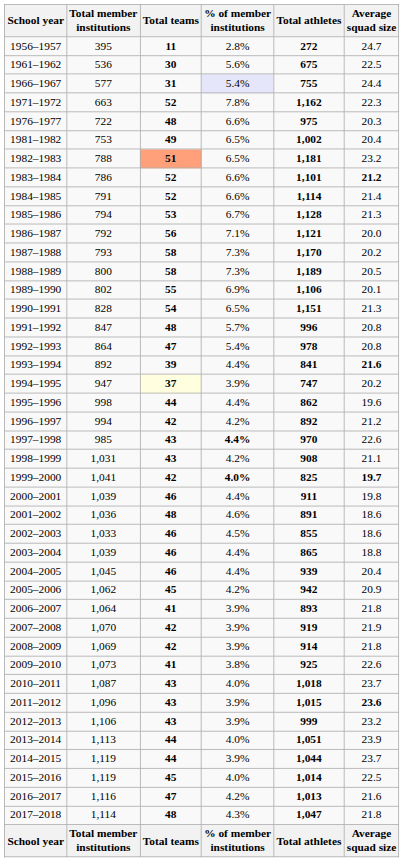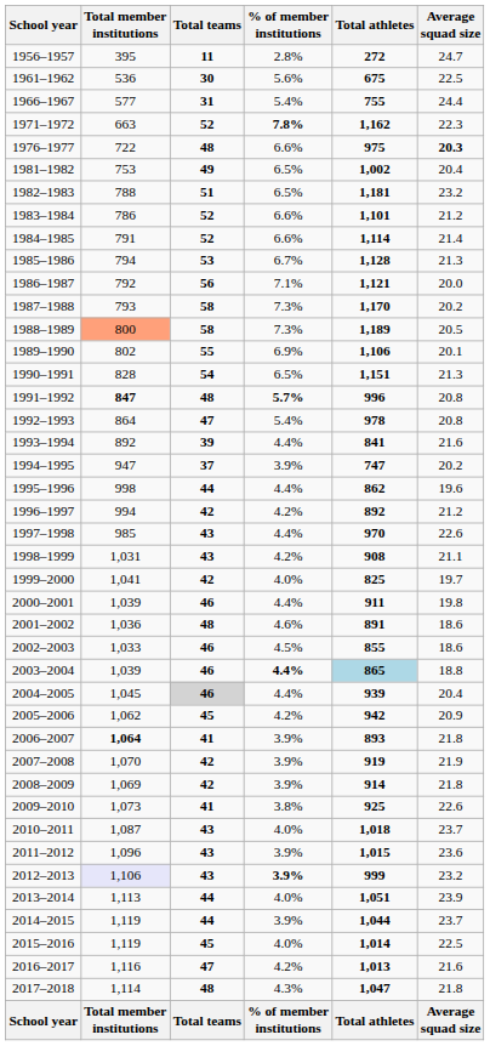 <table class="wikitable sortable" style="text-align: center; font-size: 90%; margin-left: 1em;">
 <tr>
 <th>School year</th>
 <th>Total member<br>institutions</th>
 <th>Total teams</th>
 <th>% of member<br>institutions</th>
 <th>Total athletes</th>
 <th>Average<br>squad size</th>
 </tr>
 <tr>
 <td>1956–1957</td>
 <td>395</td>
 <td><strong>11</strong></td>
 <td>2.8%</td>
 <td><strong>272</strong></td>
 <td>24.7</td>
 </tr>
 <tr>
 <td>1961–1962</td>
 <td>536</td>
 <td><strong>30</strong></td>
 <td>5.6%</td>
 <td><strong>675</strong></td>
 <td>22.5</td>
 </tr>
 <tr>
 <td>1966–1967</td>
 <td>577</td>
 <td><strong>31</strong></td>
-<td style="background: lavender;">5.4%</td>
+<td>5.4%</td>
 <td><strong>755</strong></td>
 <td>24.4</td>
 </tr>
 <tr>
 <td>1971–1972</td>
 <td>663</td>
 <td><strong>52</strong></td>
-<td>7.8%</td>
+<td><strong>7.8%</strong></td>
 <td><strong>1,162</strong></td>
 <td>22.3</td>
 </tr>
 <tr>
 <td>1976–1977</td>
 <td>722</td>
 <td><strong>48</strong></td>
 <td>6.6%</td>
 <td><strong>975</strong></td>
-<td>20.3</td>
+<td><strong>20.3</strong></td>
 </tr>
 <tr>
 <td>1981–1982</td>
 <td>753</td>
 <td><strong>49</strong></td>
 <td>6.5%</td>
 <td><strong>1,002</strong></td>
 <td>20.4</td>
 </tr>
 <tr>
 <td>1982–1983</td>
 <td>788</td>
-<td style="background: lightsalmon;"><strong>51</strong></td>
+<td><strong>51</strong></td>
 <td>6.5%</td>
 <td><strong>1,181</strong></td>
 <td>23.2</td>
 </tr>
 <tr>
 <td>1983–1984</td>
 <td>786</td>
 <td><strong>52</strong></td>
 <td>6.6%</td>
 <td><strong>1,101</strong></td>
-<td><strong>21.2</strong></td>
+<td>21.2</td>
 </tr>
 <tr>
 <td>1984–1985</td>
 <td>791</td>
 <td><strong>52</strong></td>
 <td>6.6%</td>
 <td><strong>1,114</strong></td>
 <td>21.4</td>
 </tr>
 <tr>
 <td>1985–1986</td>
 <td>794</td>
 <td><strong>53</strong></td>
 <td>6.7%</td>
 <td><strong>1,128</strong></td>
 <td>21.3</td>
 </tr>
 <tr>
 <td>1986–1987</td>
 <td>792</td>
 <td><strong>56</strong></td>
 <td>7.1%</td>
 <td><strong>1,121</strong></td>
 <td>20.0</td>
 </tr>
 <tr>
 <td>1987–1988</td>
 <td>793</td>
 <td><strong>58</strong></td>
 <td>7.3%</td>
 <td><strong>1,170</strong></td>
 <td>20.2</td>
 </tr>
 <tr>
 <td>1988–1989</td>
-<td>800</td>
+<td style="background: lightsalmon;">800</td>
 <td><strong>58</strong></td>
 <td>7.3%</td>
 <td><strong>1,189</strong></td>
 <td>20.5</td>
 </tr>
 <tr>
 <td>1989–1990</td>
 <td>802</td>
 <td><strong>55</strong></td>
 <td>6.9%</td>
 <td><strong>1,106</strong></td>
 <td>20.1</td>
 </tr>
 <tr>
 <td>1990–1991</td>
 <td>828</td>
 <td><strong>54</strong></td>
 <td>6.5%</td>
 <td><strong>1,151</strong></td>
 <td>21.3</td>
 </tr>
 <tr>
 <td>1991–1992</td>
-<td>847</td>
+<td><strong>847</strong></td>
 <td><strong>48</strong></td>
-<td>5.7%</td>
+<td><strong>5.7%</strong></td>
 <td><strong>996</strong></td>
 <td>20.8</td>
 </tr>
 <tr>
 <td>1992–1993</td>
 <td>864</td>
 <td><strong>47</strong></td>
 <td>5.4%</td>
 <td><strong>978</strong></td>
 <td>20.8</td>
 </tr>
 <tr>
 <td>1993–1994</td>
 <td>892</td>
 <td><strong>39</strong></td>
 <td>4.4%</td>
 <td><strong>841</strong></td>
-<td><strong>21.6</strong></td>
+<td>21.6</td>
 </tr>
 <tr>
 <td>1994–1995</td>
 <td>947</td>
-<td style="background: lightyellow;"><strong>37</strong></td>
+<td><strong>37</strong></td>
 <td>3.9%</td>
 <td><strong>747</strong></td>
 <td>20.2</td>
 </tr>
 <tr>
 <td>1995–1996</td>
 <td>998</td>
 <td><strong>44</strong></td>
 <td>4.4%</td>
 <td><strong>862</strong></td>
 <td>19.6</td>
 </tr>
 <tr>
 <td>1996–1997</td>
 <td>994</td>
 <td><strong>42</strong></td>
 <td>4.2%</td>
 <td><strong>892</strong></td>
 <td>21.2</td>
 </tr>
 <tr>
 <td>1997–1998</td>
 <td>985</td>
 <td><strong>43</strong></td>
-<td><strong>4.4%</strong></td>
+<td>4.4%</td>
 <td><strong>970</strong></td>
 <td>22.6</td>
 </tr>
 <tr>
 <td>1998–1999</td>
 <td>1,031</td>
 <td><strong>43</strong></td>
 <td>4.2%</td>
 <td><strong>908</strong></td>
 <td>21.1</td>
 </tr>
 <tr>
 <td>1999–2000</td>
 <td>1,041</td>
 <td><strong>42</strong></td>
-<td><strong>4.0%</strong></td>
+<td>4.0%</td>
 <td><strong>825</strong></td>
-<td><strong>19.7</strong></td>
+<td>19.7</td>
 </tr>
 <tr>
 <td>2000–2001</td>
 <td>1,039</td>
 <td><strong>46</strong></td>
 <td>4.4%</td>
 <td><strong>911</strong></td>
 <td>19.8</td>
 </tr>
 <tr>
 <td>2001–2002</td>
 <td>1,036</td>
 <td><strong>48</strong></td>
 <td>4.6%</td>
 <td><strong>891</strong></td>
 <td>18.6</td>
 </tr>
 <tr>
 <td>2002–2003</td>
 <td>1,033</td>
 <td><strong>46</strong></td>
 <td>4.5%</td>
 <td><strong>855</strong></td>
 <td>18.6</td>
 </tr>
 <tr>
 <td>2003–2004</td>
 <td>1,039</td>
 <td><strong>46</strong></td>
-<td>4.4%</td>
-<td><strong>865</strong></td>
+<td><strong>4.4%</strong></td>
+<td style="background: lightblue;"><strong>865</strong></td>
 <td>18.8</td>
 </tr>
 <tr>
 <td>2004–2005</td>
 <td>1,045</td>
-<td><strong>46</strong></td>
+<td style="background: lightgrey;"><strong>46</strong></td>
 <td>4.4%</td>
 <td><strong>939</strong></td>
 <td>20.4</td>
 </tr>
 <tr>
 <td>2005–2006</td>
 <td>1,062</td>
 <td><strong>45</strong></td>
 <td>4.2%</td>
 <td><strong>942</strong></td>
 <td>20.9</td>
 </tr>
 <tr>
 <td>2006–2007</td>
-<td>1,064</td>
+<td><strong>1,064</strong></td>
 <td><strong>41</strong></td>
 <td>3.9%</td>
 <td><strong>893</strong></td>
 <td>21.8</td>
 </tr>
 <tr>
 <td>2007–2008</td>
 <td>1,070</td>
 <td><strong>42</strong></td>
 <td>3.9%</td>
 <td><strong>919</strong></td>
 <td>21.9</td>
 </tr>
 <tr>
 <td>2008–2009</td>
 <td>1,069</td>
 <td><strong>42</strong></td>
 <td>3.9%</td>
 <td><strong>914</strong></td>
 <td>21.8</td>
 </tr>
 <tr>
 <td>2009–2010</td>
 <td>1,073</td>
 <td><strong>41</strong></td>
 <td>3.8%</td>
 <td><strong>925</strong></td>
 <td>22.6</td>
 </tr>
 <tr>
 <td>2010–2011</td>
 <td>1,087</td>
 <td><strong>43</strong></td>
 <td>4.0%</td>
 <td><strong>1,018</strong></td>
 <td>23.7</td>
 </tr>
 <tr>
 <td>2011–2012</td>
 <td>1,096</td>
 <td><strong>43</strong></td>
 <td>3.9%</td>
 <td><strong>1,015</strong></td>
-<td><strong>23.6</strong></td>
+<td>23.6</td>
 </tr>
 <tr>
 <td>2012–2013</td>
-<td>1,106</td>
+<td style="background: lavender;">1,106</td>
 <td><strong>43</strong></td>
-<td>3.9%</td>
+<td><strong>3.9%</strong></td>
 <td><strong>999</strong></td>
 <td>23.2</td>
 </tr>
 <tr>
 <td>2013–2014</td>
 <td>1,113</td>
 <td><strong>44</strong></td>
 <td>4.0%</td>
 <td><strong>1,051</strong></td>
 <td>23.9</td>
 </tr>
 <tr>
 <td>2014–2015</td>
 <td>1,119</td>
 <td><strong>44</strong></td>
 <td>3.9%</td>
 <td><strong>1,044</strong></td>
 <td>23.7</td>
 </tr>
 <tr>
 <td>2015–2016</td>
 <td>1,119</td>
 <td><strong>45</strong></td>
 <td>4.0%</td>
 <td><strong>1,014</strong></td>
 <td>22.5</td>
 </tr>
 <tr>
 <td>2016–2017</td>
 <td>1,116</td>
 <td><strong>47</strong></td>
 <td>4.2%</td>
 <td><strong>1,013</strong></td>
 <td>21.6</td>
 </tr>
 <tr>
 <td>2017–2018</td>
 <td>1,114</td>
 <td><strong>48</strong></td>
 <td>4.3%</td>
 <td><strong>1,047</strong></td>
 <td>21.8</td>
 </tr>
 <tr>
 <th>School year</th>
 <th>Total member<br>institutions</th>
 <th>Total teams</th>
 <th>% of member<br>institutions</th>
 <th>Total athletes</th>
 <th>Average<br>squad size</th>
 </tr>
 </table>
